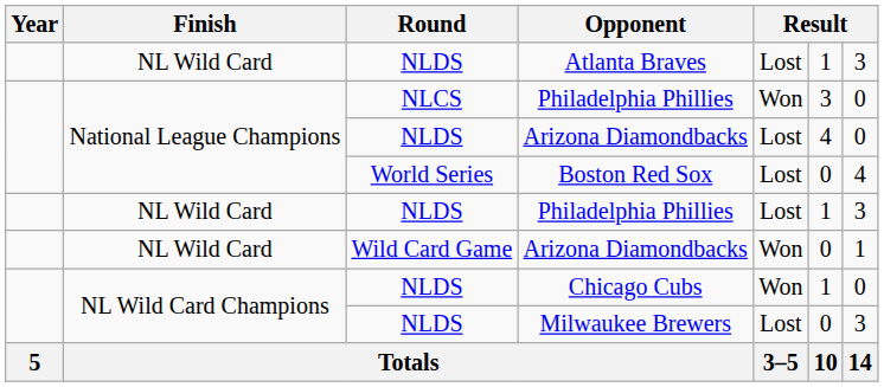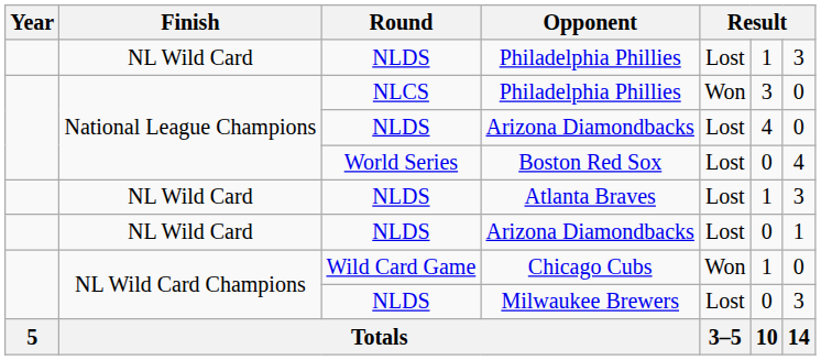 <table class="wikitable">
 <tr>
 <th colspan=1>Year</th>
 <th colspan=1>Finish</th>
 <th colspan=1>Round</th>
 <th colspan=1>Opponent</th>
 <th colspan=3>Result</th>
 </tr>
 <tr>
 <td align="center" rowspan="1"></td>
 <td align="center" rowspan="1">NL Wild Card</td>
 <td align="center"><a href='#'>NLDS</a></td>
-<td align="center"><a href='#'>Atlanta Braves</a></td>
+<td align="center"><a href='#'>Philadelphia Phillies</a></td>
 <td align="center">Lost</td>
 <td align="center">1</td>
 <td align="center">3</td>
 </tr>
 <tr>
 <td align="center" rowspan="3"></td>
 <td align="center" rowspan="3">National League Champions</td>
 <td align="center"><a href='#'>NLCS</a></td>
 <td align="center"><a href='#'>Philadelphia Phillies</a></td>
 <td align="center">Won</td>
 <td align="center">3</td>
 <td align="center">0</td>
 </tr>
 <tr>
 <td align="center"><a href='#'>NLDS</a></td>
 <td align="center"><a href='#'>Arizona Diamondbacks</a></td>
 <td align="center">Lost</td>
 <td align="center">4</td>
 <td align="center">0</td>
 </tr>
 <tr>
 <td align="center"><a href='#'>World Series</a></td>
 <td align="center"><a href='#'>Boston Red Sox</a></td>
 <td align="center">Lost</td>
 <td align="center">0</td>
 <td align="center">4</td>
 </tr>
 <tr>
 <td align="center" rowspan="1"></td>
 <td align="center" rowspan="1">NL Wild Card</td>
 <td align="center"><a href='#'>NLDS</a></td>
-<td align="center"><a href='#'>Philadelphia Phillies</a></td>
+<td align="center"><a href='#'>Atlanta Braves</a></td>
 <td align="center">Lost</td>
 <td align="center">1</td>
 <td align="center">3</td>
 </tr>
 <tr>
 <td align="center" rowspan="1"></td>
 <td align="center" rowspan="1">NL Wild Card</td>
-<td align="center"><a href='#'>Wild Card Game</a></td>
+<td align="center"><a href='#'>NLDS</a></td>
 <td align="center"><a href='#'>Arizona Diamondbacks</a></td>
-<td align="center">Won</td>
+<td align="center">Lost</td>
 <td align="center">0</td>
 <td align="center">1</td>
 </tr>
 <tr>
 <td align="center" rowspan="2"></td>
 <td align="center" rowspan="2">NL Wild Card Champions</td>
-<td align="center"><a href='#'>NLDS</a></td>
+<td align="center"><a href='#'>Wild Card Game</a></td>
 <td align="center"><a href='#'>Chicago Cubs</a></td>
 <td align="center">Won</td>
 <td align="center">1</td>
 <td align="center">0</td>
 </tr>
 <tr>
 <td align="center"><a href='#'>NLDS</a></td>
 <td align="center"><a href='#'>Milwaukee Brewers</a></td>
 <td align="center">Lost</td>
 <td align="center">0</td>
 <td align="center">3</td>
 </tr>
 <tr>
 <th align="center">5</th>
 <th colspan="3">Totals</th>
 <th>3–5</th>
 <th>10</th>
 <th>14</th>
 </tr>
 </table>
